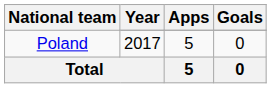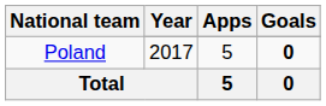 <table class="wikitable" style="text-align:center">
 <tr>
 <th>National team</th>
 <th>Year</th>
 <th>Apps</th>
 <th>Goals</th>
 </tr>
 <tr>
 <td rowspan=2><a href='#'>Poland</a></td>
 </tr>
 <tr>
 <td>2017</td>
 <td>5</td>
-<td>0</td>
+<td><strong>0</strong></td>
 </tr>
 <tr>
 <th colspan="2">Total</th>
 <th>5</th>
 <th>0</th>
 </tr>
 </table>
